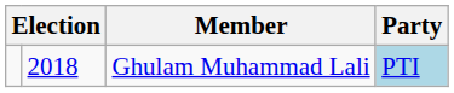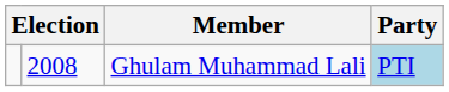 <table class="wikitable">
 <tr>
 <th colspan="2">Election</th>
 <th>Member</th>
 <th>Party</th>
 </tr>
 <tr>
 <td style="background-color: "></td>
-<td><a href='#'>2018</a></td>
+<td><a href='#'>2008</a></td>
 <td><a href='#'>Ghulam Muhammad Lali</a></td>
 <td style="background: lightblue;"><a href='#'>PTI</a></td>
 </tr>
 </table>
